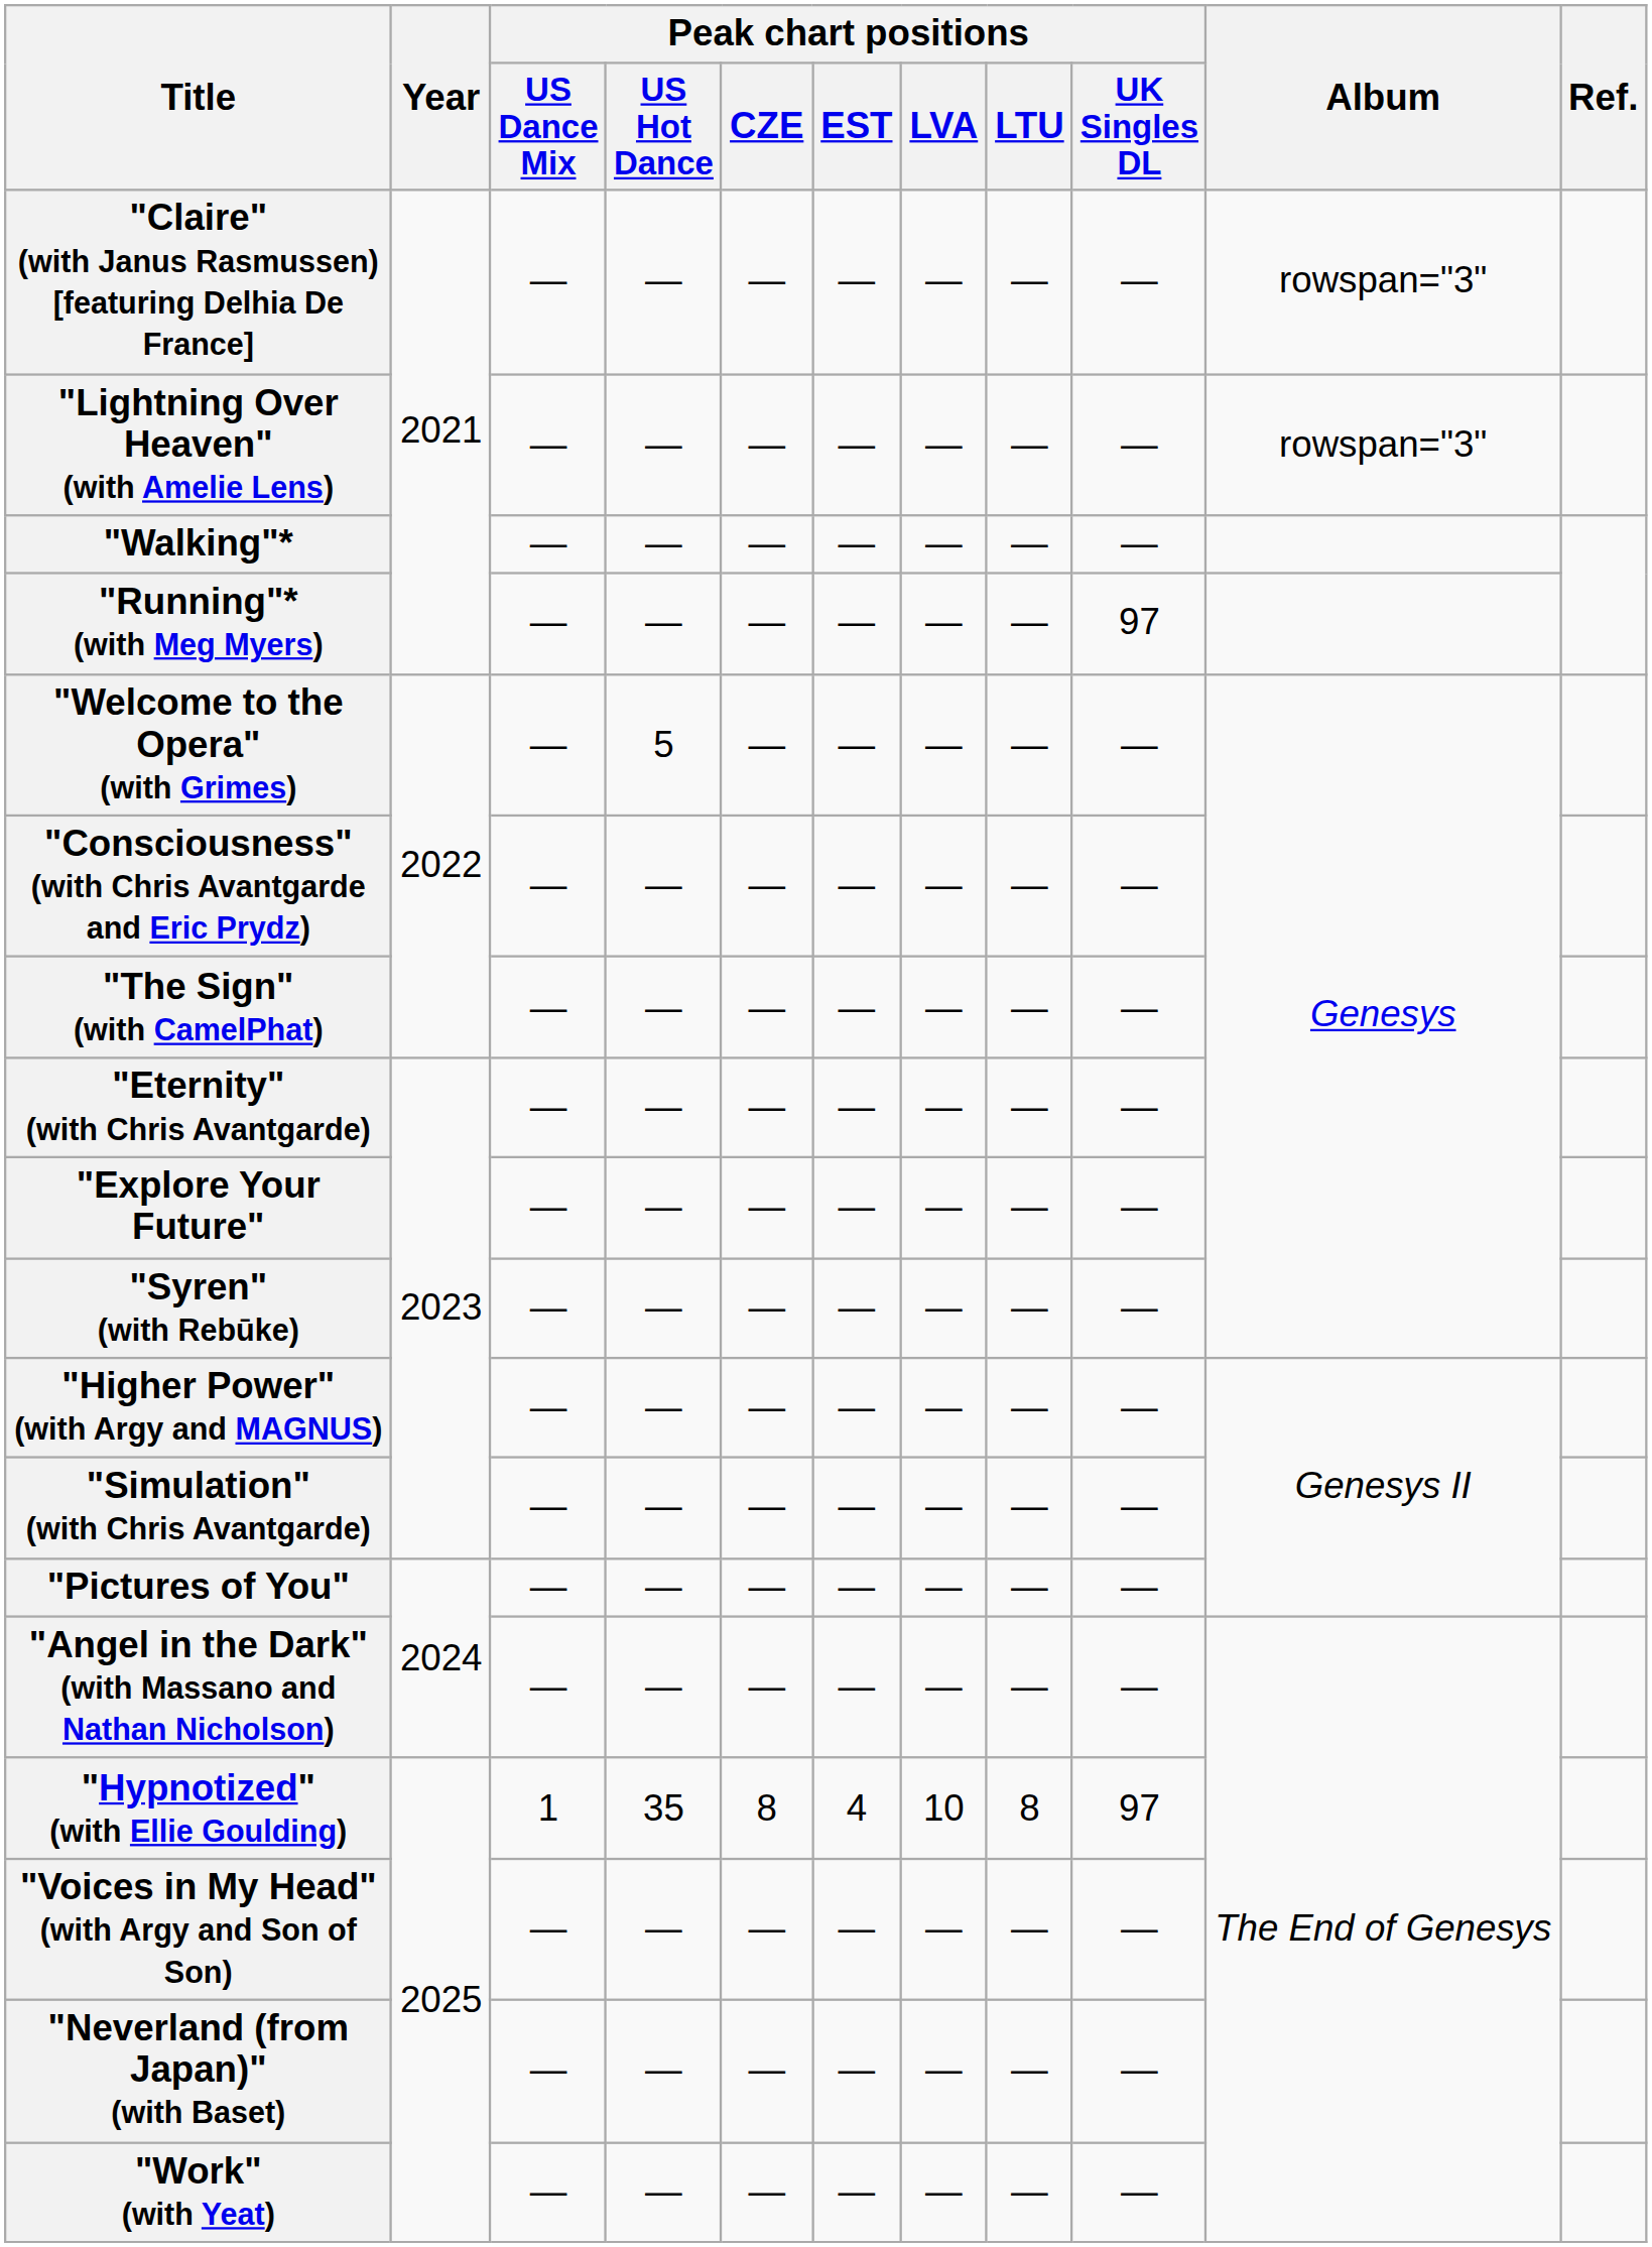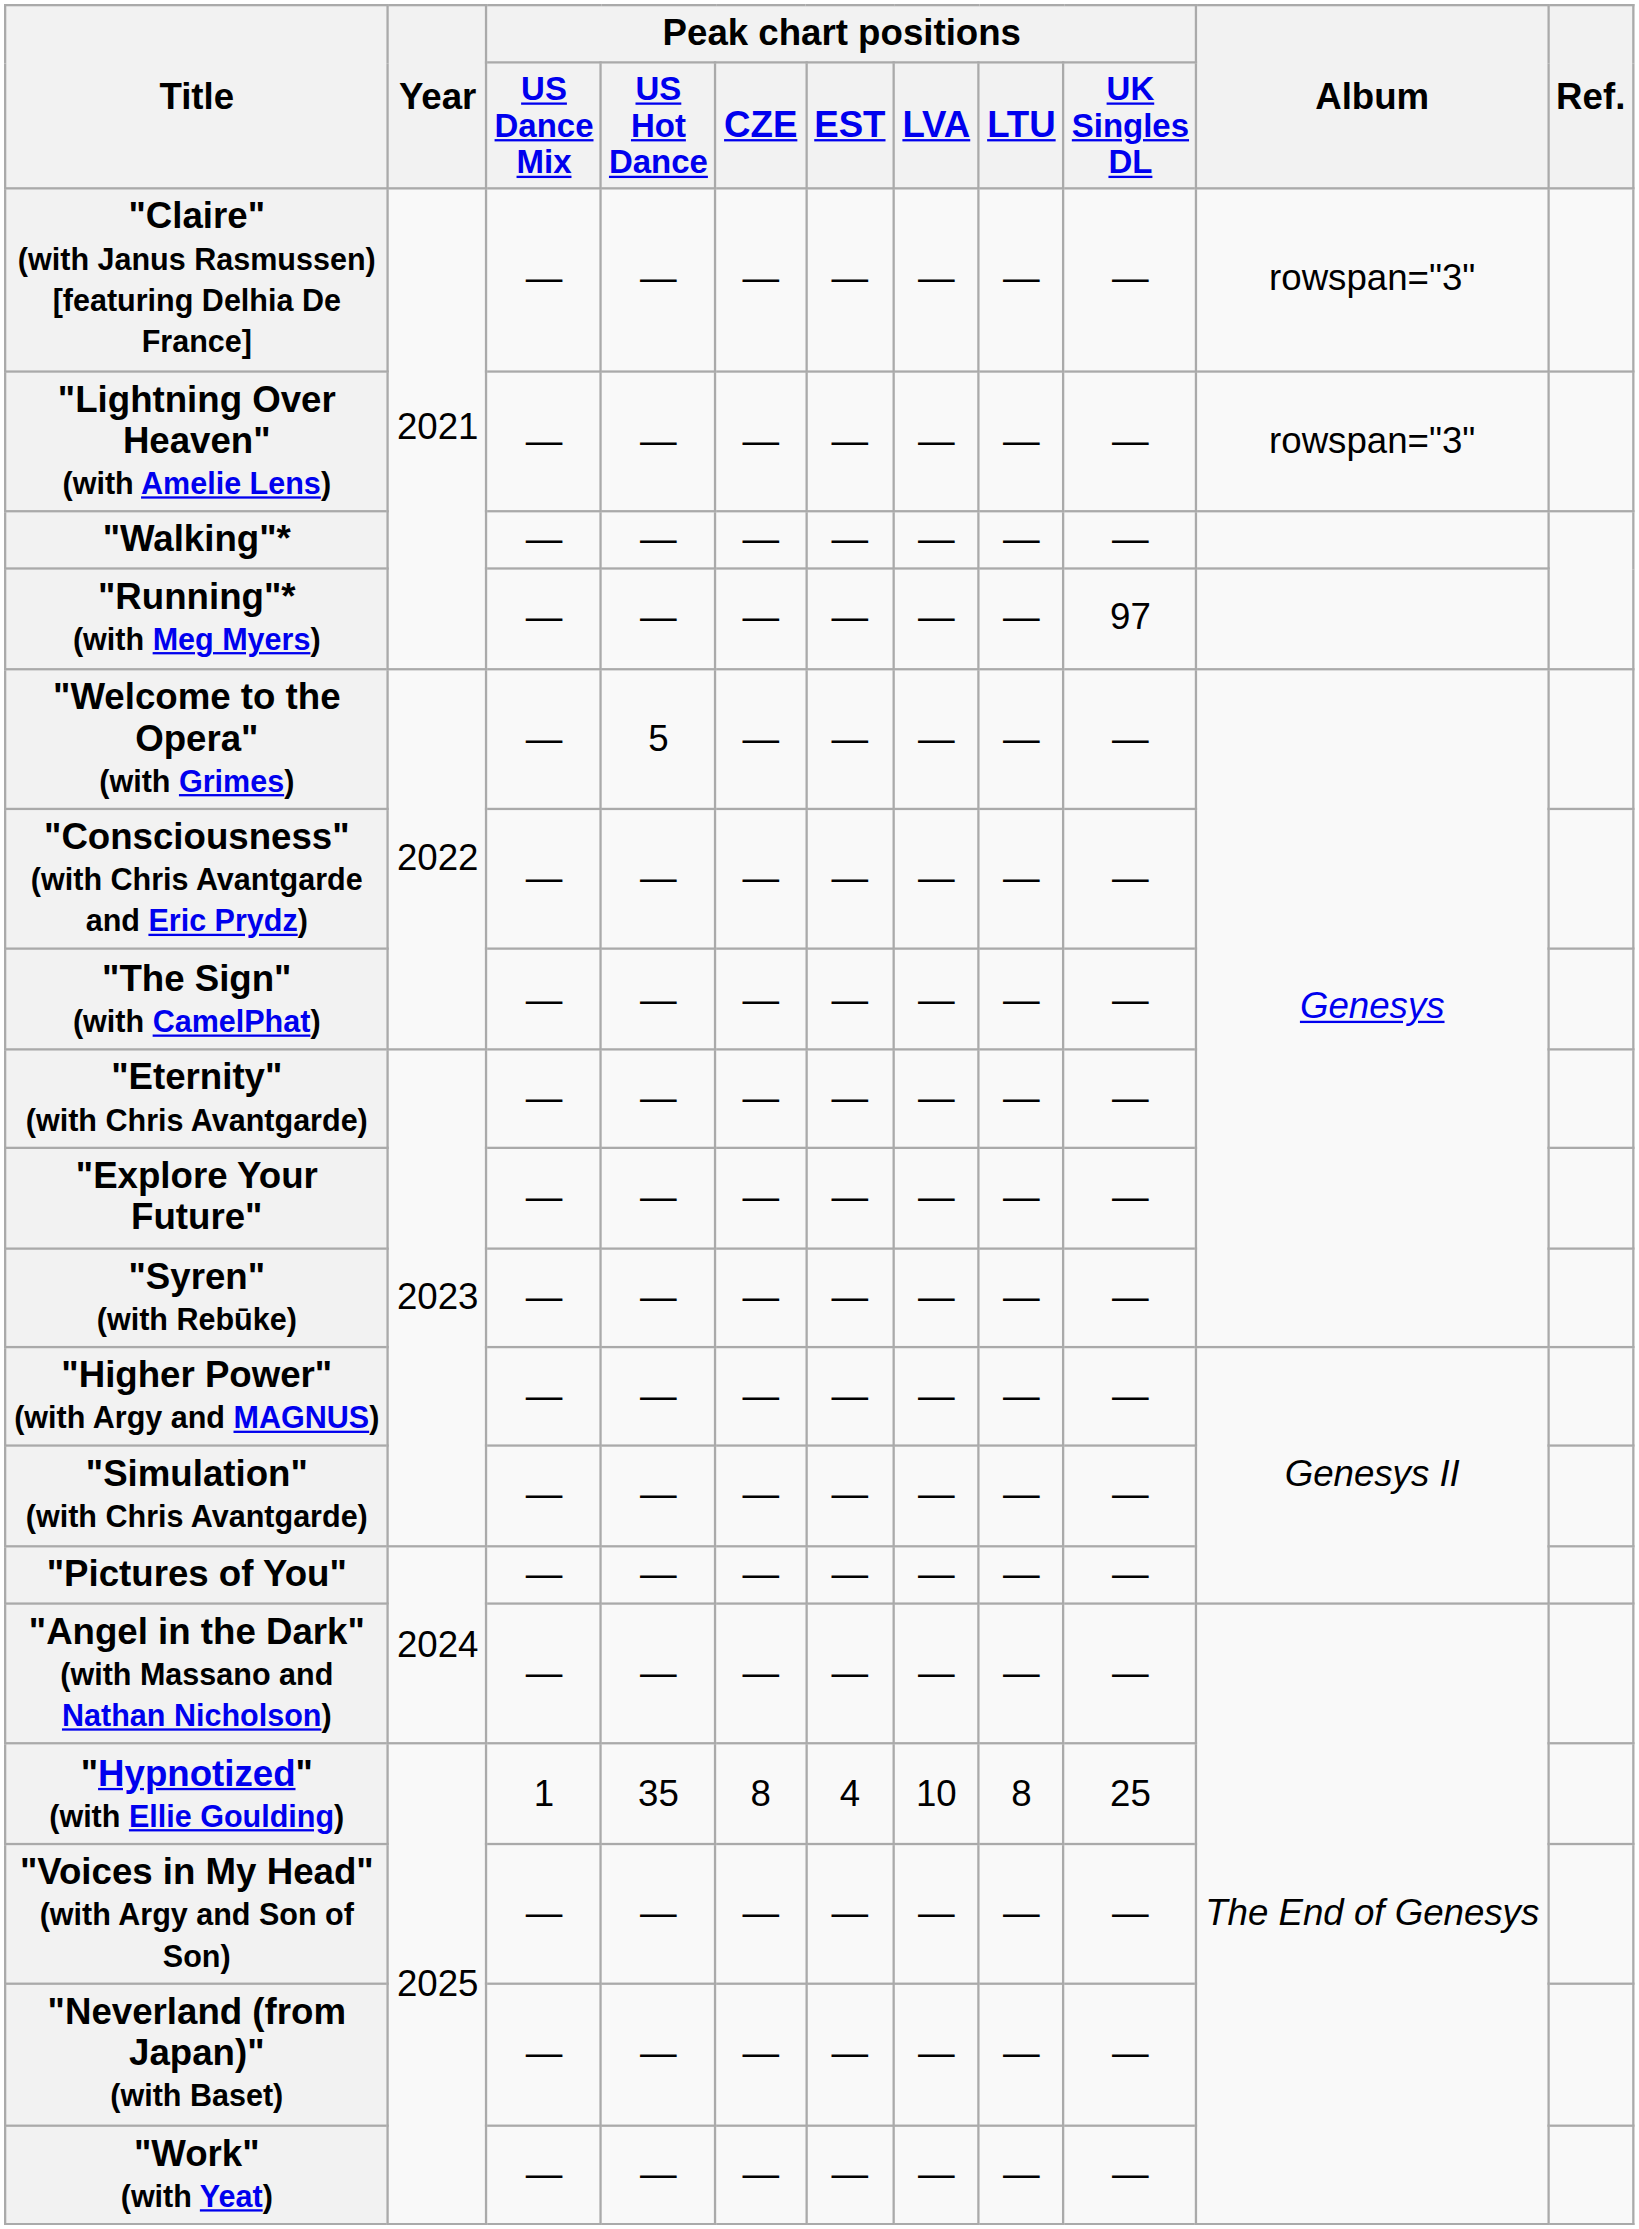 <table class="wikitable plainrowheaders" style="text-align:center;">
 <tr>
 <th scope="col" rowspan="2" style="width:160px;">Title</th>
 <th scope="col" rowspan="2">Year</th>
 <th colspan="7" scope="col">Peak chart positions</th>
 <th scope="col" rowspan="2">Album</th>
 <th scope="col" rowspan="2">Ref.</th>
 </tr>
 <tr>
 <th scope="col" style="width:3em;font-size:90%;"><a href='#'>US<br>Dance<br>Mix</a><br></th>
 <th scope="col" style="width:3em;font-size:90%;"><a href='#'>US<br>Hot<br>Dance</a><br></th>
 <th><a href='#'>CZE</a><br></th>
 <th><a href='#'>EST</a><br></th>
 <th><a href='#'>LVA</a><br></th>
 <th><a href='#'>LTU</a><br></th>
 <th scope="col" style="width:3em;font-size:90%;"><a href='#'>UK<br>Singles<br>DL</a><br> </th>
 </tr>
 <tr>
 <th scope="row">"Claire"<br><small>(with Janus Rasmussen)<br>[featuring Delhia De France]</small></th>
 <td rowspan="4">2021</td>
 <td>—</td>
 <td>—</td>
 <td>—</td>
 <td>—</td>
 <td>—</td>
 <td>—</td>
 <td>—</td>
 <td>rowspan="3" </td>
 <td></td>
 </tr>
 <tr>
 <th scope="row">"Lightning Over Heaven"<br><small>(with <a href='#'>Amelie Lens</a>)</small></th>
 <td>—</td>
 <td>—</td>
 <td>—</td>
 <td>—</td>
 <td>—</td>
 <td>—</td>
 <td>—</td>
 <td>rowspan="3" </td>
 <td></td>
 </tr>
 <tr>
 <th scope="row">"Walking"*</th>
 <td>—</td>
 <td>—</td>
 <td>—</td>
 <td>—</td>
 <td>—</td>
 <td>—</td>
 <td>—</td>
 <td></td>
 </tr>
 <tr>
 <th scope="row">"Running"*<br><small>(with <a href='#'>Meg Myers</a>)</small></th>
 <td>—</td>
 <td>—</td>
 <td>—</td>
 <td>—</td>
 <td>—</td>
 <td>—</td>
 <td>97</td>
 <td></td>
 </tr>
 <tr>
 <th scope="row">"Welcome to the Opera"<br><small>(with <a href='#'>Grimes</a>)</small></th>
 <td rowspan="3">2022</td>
 <td>—</td>
 <td>5</td>
 <td>—</td>
 <td>—</td>
 <td>—</td>
 <td>—</td>
 <td>—</td>
 <td rowspan="6"><em><a href='#'>Genesys</a></em></td>
 <td></td>
 </tr>
 <tr>
 <th scope="row">"Consciousness"<br><small>(with Chris Avantgarde and <a href='#'>Eric Prydz</a>)</small></th>
 <td>—</td>
 <td>—</td>
 <td>—</td>
 <td>—</td>
 <td>—</td>
 <td>—</td>
 <td>—</td>
 <td></td>
 </tr>
 <tr>
 <th scope="row">"The Sign"<br><small>(with <a href='#'>CamelPhat</a>)</small></th>
 <td>—</td>
 <td>—</td>
 <td>—</td>
 <td>—</td>
 <td>—</td>
 <td>—</td>
 <td>—</td>
 <td></td>
 </tr>
 <tr>
 <th scope="row">"Eternity"<br><small>(with Chris Avantgarde)</small></th>
 <td rowspan="5">2023</td>
 <td>—</td>
 <td>—</td>
 <td>—</td>
 <td>—</td>
 <td>—</td>
 <td>—</td>
 <td>—</td>
 <td></td>
 </tr>
 <tr>
 <th scope="row">"Explore Your Future"</th>
 <td>—</td>
 <td>—</td>
 <td>—</td>
 <td>—</td>
 <td>—</td>
 <td>—</td>
 <td>—</td>
 <td></td>
 </tr>
 <tr>
 <th scope="row">"Syren"<br><small>(with Rebūke)</small></th>
 <td>—</td>
 <td>—</td>
 <td>—</td>
 <td>—</td>
 <td>—</td>
 <td>—</td>
 <td>—</td>
 <td></td>
 </tr>
 <tr>
 <th scope="row">"Higher Power"<br><small>(with Argy and <a href='#'>MAGNUS</a>)</small></th>
 <td>—</td>
 <td>—</td>
 <td>—</td>
 <td>—</td>
 <td>—</td>
 <td>—</td>
 <td>—</td>
 <td rowspan="3"><em>Genesys II</em></td>
 <td></td>
 </tr>
 <tr>
 <th scope="row">"Simulation"<br><small>(with Chris Avantgarde)</small></th>
 <td>—</td>
 <td>—</td>
 <td>—</td>
 <td>—</td>
 <td>—</td>
 <td>—</td>
 <td>—</td>
 <td></td>
 </tr>
 <tr>
 <th scope="row">"Pictures of You"</th>
 <td rowspan="2">2024</td>
 <td>—</td>
 <td>—</td>
 <td>—</td>
 <td>—</td>
 <td>—</td>
 <td>—</td>
 <td>—</td>
 <td></td>
 </tr>
 <tr>
 <th scope="row">"Angel in the Dark"<br><small>(with Massano and <a href='#'>Nathan Nicholson</a>)</small></th>
 <td>—</td>
 <td>—</td>
 <td>—</td>
 <td>—</td>
 <td>—</td>
 <td>—</td>
 <td>—</td>
 <td rowspan="5"><em>The End of Genesys</em></td>
 <td></td>
 </tr>
 <tr>
 <th scope="row">"<a href='#'>Hypnotized</a>"<br><small>(with <a href='#'>Ellie Goulding</a>)</small></th>
 <td rowspan="4">2025</td>
 <td>1</td>
 <td>35</td>
 <td>8</td>
 <td>4</td>
 <td>10</td>
 <td>8</td>
-<td>97</td>
+<td>25</td>
 <td></td>
 </tr>
 <tr>
 <th scope="row">"Voices in My Head"<br><small>(with Argy and Son of Son)</small></th>
 <td>—</td>
 <td>—</td>
 <td>—</td>
 <td>—</td>
 <td>—</td>
 <td>—</td>
 <td>—</td>
 <td></td>
 </tr>
 <tr>
 <th scope="row">"Neverland (from Japan)"<br><small>(with Baset)</small></th>
 <td>—</td>
 <td>—</td>
 <td>—</td>
 <td>—</td>
 <td>—</td>
 <td>—</td>
 <td>—</td>
 <td></td>
 </tr>
 <tr>
 <th scope="row">"Work"<br><small>(with <a href='#'>Yeat</a>)</small></th>
 <td>—</td>
 <td>—</td>
 <td>—</td>
 <td>—</td>
 <td>—</td>
 <td>—</td>
 <td>—</td>
 <td></td>
 </tr>
 </table>
